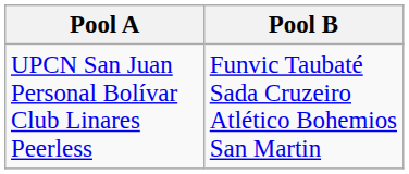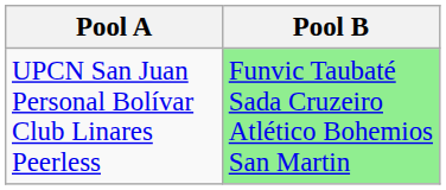 <table class="wikitable">
 <tr>
 <th width=50%>Pool A</th>
 <th width=50%>Pool B</th>
 </tr>
 <tr>
 <td> <a href='#'>UPCN San Juan</a><br> <a href='#'>Personal Bolívar</a><br> <a href='#'>Club Linares</a><br> <a href='#'>Peerless</a></td>
-<td> <a href='#'>Funvic Taubaté</a><br> <a href='#'>Sada Cruzeiro</a><br> <a href='#'>Atlético Bohemios</a><br> <a href='#'>San Martin</a></td>
+<td style="background: lightgreen;"> <a href='#'>Funvic Taubaté</a><br> <a href='#'>Sada Cruzeiro</a><br> <a href='#'>Atlético Bohemios</a><br> <a href='#'>San Martin</a></td>
 </tr>
 </table>
